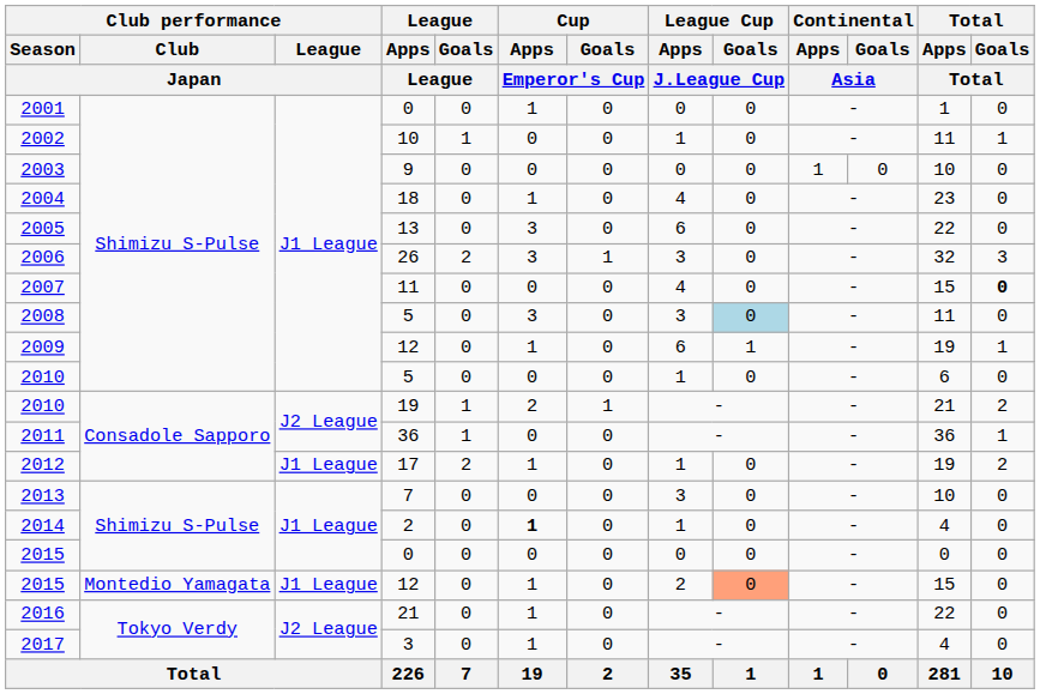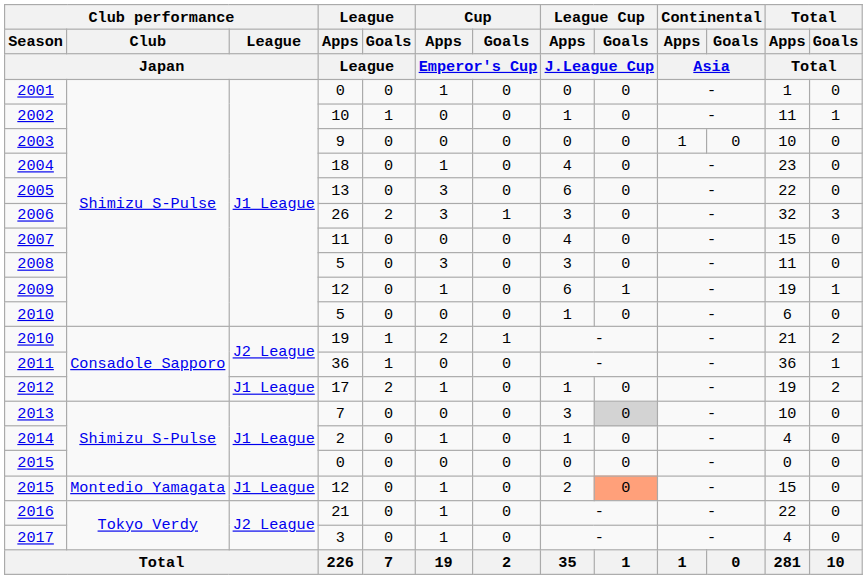 <table class="wikitable" style="text-align:center;">
 <tr>
 <th colspan=3>Club performance</th>
 <th colspan=2>League</th>
 <th colspan=2>Cup</th>
 <th colspan=2>League Cup</th>
 <th colspan=2>Continental</th>
 <th colspan=2>Total</th>
 </tr>
 <tr>
 <th>Season</th>
 <th>Club</th>
 <th>League</th>
 <th>Apps</th>
 <th>Goals</th>
 <th>Apps</th>
 <th>Goals</th>
 <th>Apps</th>
 <th>Goals</th>
 <th>Apps</th>
 <th>Goals</th>
 <th>Apps</th>
 <th>Goals</th>
 </tr>
 <tr>
 <th colspan=3>Japan</th>
 <th colspan=2>League</th>
 <th colspan=2><a href='#'>Emperor's Cup</a></th>
 <th colspan=2><a href='#'>J.League Cup</a></th>
 <th colspan=2><a href='#'>Asia</a></th>
 <th colspan=2>Total</th>
 </tr>
 <tr>
 <td><a href='#'>2001</a></td>
 <td rowspan="10"><a href='#'>Shimizu S-Pulse</a></td>
 <td rowspan="10"><a href='#'>J1 League</a></td>
 <td>0</td>
 <td>0</td>
 <td>1</td>
 <td>0</td>
 <td>0</td>
 <td>0</td>
 <td colspan="2">-</td>
 <td>1</td>
 <td>0</td>
 </tr>
 <tr>
 <td><a href='#'>2002</a></td>
 <td>10</td>
 <td>1</td>
 <td>0</td>
 <td>0</td>
 <td>1</td>
 <td>0</td>
 <td colspan="2">-</td>
 <td>11</td>
 <td>1</td>
 </tr>
 <tr>
 <td><a href='#'>2003</a></td>
 <td>9</td>
 <td>0</td>
 <td>0</td>
 <td>0</td>
 <td>0</td>
 <td>0</td>
 <td>1</td>
 <td>0</td>
 <td>10</td>
 <td>0</td>
 </tr>
 <tr>
 <td><a href='#'>2004</a></td>
 <td>18</td>
 <td>0</td>
 <td>1</td>
 <td>0</td>
 <td>4</td>
 <td>0</td>
 <td colspan="2">-</td>
 <td>23</td>
 <td>0</td>
 </tr>
 <tr>
 <td><a href='#'>2005</a></td>
 <td>13</td>
 <td>0</td>
 <td>3</td>
 <td>0</td>
 <td>6</td>
 <td>0</td>
 <td colspan="2">-</td>
 <td>22</td>
 <td>0</td>
 </tr>
 <tr>
 <td><a href='#'>2006</a></td>
 <td>26</td>
 <td>2</td>
 <td>3</td>
 <td>1</td>
 <td>3</td>
 <td>0</td>
 <td colspan="2">-</td>
 <td>32</td>
 <td>3</td>
 </tr>
 <tr>
 <td><a href='#'>2007</a></td>
 <td>11</td>
 <td>0</td>
 <td>0</td>
 <td>0</td>
 <td>4</td>
 <td>0</td>
 <td colspan="2">-</td>
 <td>15</td>
-<td><strong>0</strong></td>
+<td>0</td>
 </tr>
 <tr>
 <td><a href='#'>2008</a></td>
 <td>5</td>
 <td>0</td>
 <td>3</td>
 <td>0</td>
 <td>3</td>
-<td style="background: lightblue;">0</td>
+<td>0</td>
 <td colspan="2">-</td>
 <td>11</td>
 <td>0</td>
 </tr>
 <tr>
 <td><a href='#'>2009</a></td>
 <td>12</td>
 <td>0</td>
 <td>1</td>
 <td>0</td>
 <td>6</td>
 <td>1</td>
 <td colspan="2">-</td>
 <td>19</td>
 <td>1</td>
 </tr>
 <tr>
 <td><a href='#'>2010</a></td>
 <td>5</td>
 <td>0</td>
 <td>0</td>
 <td>0</td>
 <td>1</td>
 <td>0</td>
 <td colspan="2">-</td>
 <td>6</td>
 <td>0</td>
 </tr>
 <tr>
 <td><a href='#'>2010</a></td>
 <td rowspan="3"><a href='#'>Consadole Sapporo</a></td>
 <td rowspan="2"><a href='#'>J2 League</a></td>
 <td>19</td>
 <td>1</td>
 <td>2</td>
 <td>1</td>
 <td colspan="2">-</td>
 <td colspan="2">-</td>
 <td>21</td>
 <td>2</td>
 </tr>
 <tr>
 <td><a href='#'>2011</a></td>
 <td>36</td>
 <td>1</td>
 <td>0</td>
 <td>0</td>
 <td colspan="2">-</td>
 <td colspan="2">-</td>
 <td>36</td>
 <td>1</td>
 </tr>
 <tr>
 <td><a href='#'>2012</a></td>
 <td><a href='#'>J1 League</a></td>
 <td>17</td>
 <td>2</td>
 <td>1</td>
 <td>0</td>
 <td>1</td>
 <td>0</td>
 <td colspan="2">-</td>
 <td>19</td>
 <td>2</td>
 </tr>
 <tr>
 <td><a href='#'>2013</a></td>
 <td rowspan="3"><a href='#'>Shimizu S-Pulse</a></td>
 <td rowspan="3"><a href='#'>J1 League</a></td>
 <td>7</td>
 <td>0</td>
 <td>0</td>
 <td>0</td>
 <td>3</td>
-<td>0</td>
+<td style="background: lightgrey;">0</td>
 <td colspan="2">-</td>
 <td>10</td>
 <td>0</td>
 </tr>
 <tr>
 <td><a href='#'>2014</a></td>
 <td>2</td>
 <td>0</td>
-<td><strong>1</strong></td>
+<td>1</td>
 <td>0</td>
 <td>1</td>
 <td>0</td>
 <td colspan="2">-</td>
 <td>4</td>
 <td>0</td>
 </tr>
 <tr>
 <td><a href='#'>2015</a></td>
 <td>0</td>
 <td>0</td>
 <td>0</td>
 <td>0</td>
 <td>0</td>
 <td>0</td>
 <td colspan="2">-</td>
 <td>0</td>
 <td>0</td>
 </tr>
 <tr>
 <td><a href='#'>2015</a></td>
 <td><a href='#'>Montedio Yamagata</a></td>
 <td><a href='#'>J1 League</a></td>
 <td>12</td>
 <td>0</td>
 <td>1</td>
 <td>0</td>
 <td>2</td>
 <td style="background: lightsalmon;">0</td>
 <td colspan="2">-</td>
 <td>15</td>
 <td>0</td>
 </tr>
 <tr>
 <td><a href='#'>2016</a></td>
 <td rowspan="2"><a href='#'>Tokyo Verdy</a></td>
 <td rowspan="2"><a href='#'>J2 League</a></td>
 <td>21</td>
 <td>0</td>
 <td>1</td>
 <td>0</td>
 <td colspan="2">-</td>
 <td colspan="2">-</td>
 <td>22</td>
 <td>0</td>
 </tr>
 <tr>
 <td><a href='#'>2017</a></td>
 <td>3</td>
 <td>0</td>
 <td>1</td>
 <td>0</td>
 <td colspan="2">-</td>
 <td colspan="2">-</td>
 <td>4</td>
 <td>0</td>
 </tr>
 <tr>
 <th colspan=3>Total</th>
 <th>226</th>
 <th>7</th>
 <th>19</th>
 <th>2</th>
 <th>35</th>
 <th>1</th>
 <th>1</th>
 <th>0</th>
 <th>281</th>
 <th>10</th>
 </tr>
 </table>
